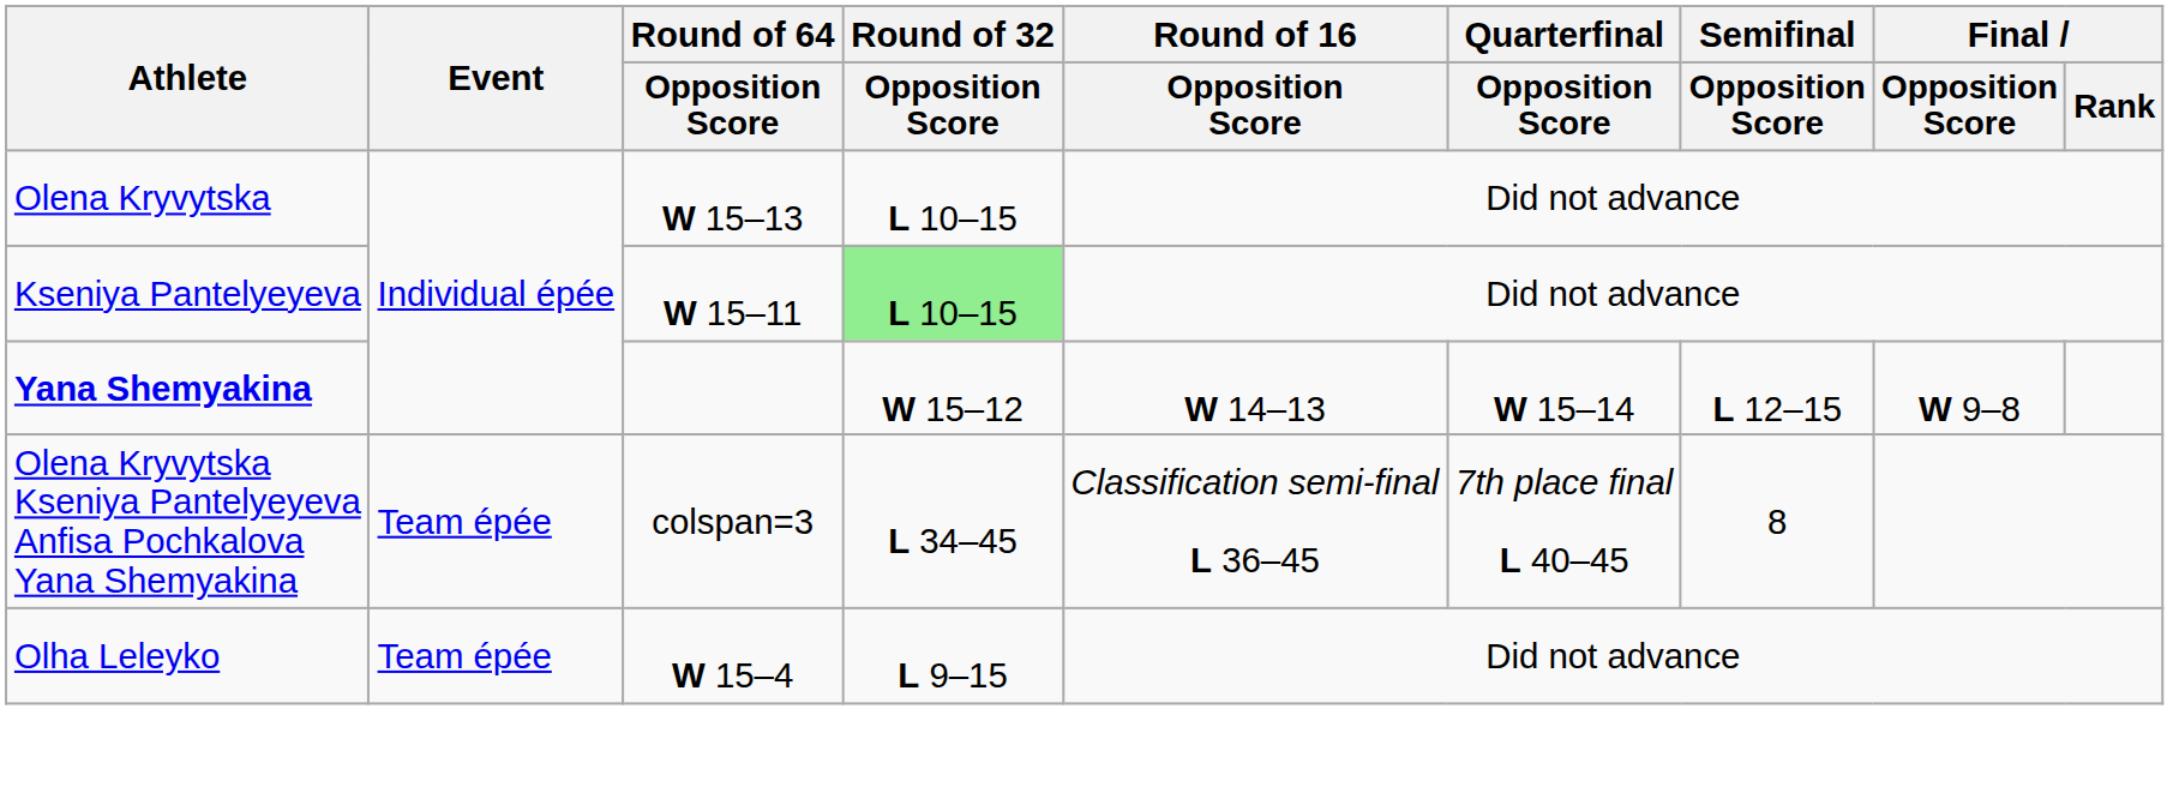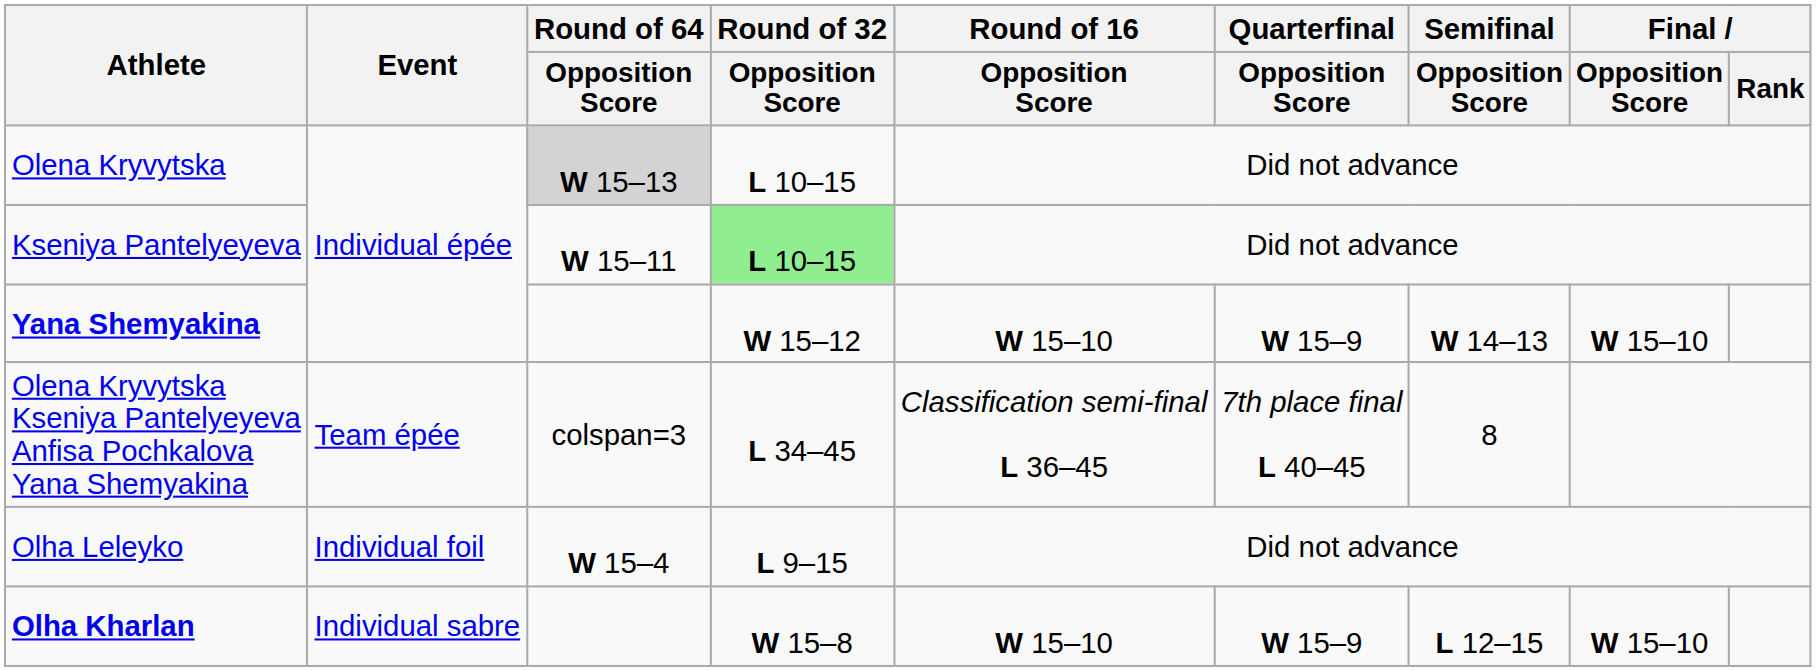 <table class="wikitable" style="font-size:90%">
 <tr>
 <th rowspan="2">Athlete</th>
 <th rowspan="2">Event</th>
 <th>Round of 64</th>
 <th>Round of 32</th>
 <th>Round of 16</th>
 <th>Quarterfinal</th>
 <th>Semifinal</th>
 <th colspan=2>Final / </th>
 </tr>
 <tr style="font-size:95%">
 <th>Opposition <br> Score</th>
 <th>Opposition <br> Score</th>
 <th>Opposition <br> Score</th>
 <th>Opposition <br> Score</th>
 <th>Opposition <br> Score</th>
 <th>Opposition <br> Score</th>
 <th>Rank</th>
 </tr>
 <tr align=center>
 <td align=left><a href='#'>Olena Kryvytska</a></td>
 <td align=left rowspan=3><a href='#'>Individual épée</a></td>
-<td><br><strong>W</strong> 15–13</td>
+<td style="background: lightgrey;"><br><strong>W</strong> 15–13</td>
 <td><br><strong>L</strong> 10–15</td>
 <td colspan=5>Did not advance</td>
 </tr>
 <tr align=center>
 <td align=left><a href='#'>Kseniya Pantelyeyeva</a></td>
 <td><br><strong>W</strong> 15–11</td>
 <td style="background: lightgreen;"><br><strong>L</strong> 10–15</td>
 <td colspan=5>Did not advance</td>
 </tr>
 <tr align=center>
 <td align=left><strong><a href='#'>Yana Shemyakina</a></strong></td>
 <td></td>
 <td><br><strong>W</strong> 15–12</td>
+<td><br><strong>W</strong> 15–10</td>
+<td><br><strong>W</strong> 15–9</td>
 <td><br><strong>W</strong> 14–13</td>
-<td><br><strong>W</strong> 15–14</td>
-<td><br><strong>L</strong> 12–15</td>
-<td><br><strong>W</strong> 9–8</td>
+<td><br><strong>W</strong> 15–10</td>
 <td></td>
 </tr>
 <tr align=center>
 <td align=left><a href='#'>Olena Kryvytska</a><br><a href='#'>Kseniya Pantelyeyeva</a><br><a href='#'>Anfisa Pochkalova</a><br><a href='#'>Yana Shemyakina</a></td>
 <td align=left><a href='#'>Team épée</a></td>
 <td>colspan=3 </td>
 <td><br><strong>L</strong> 34–45</td>
 <td><em>Classification semi-final</em><br><br><strong>L</strong> 36–45</td>
 <td><em>7th place final</em><br><br><strong>L</strong> 40–45</td>
 <td>8</td>
 </tr>
 <tr align=center>
 <td align=left><a href='#'>Olha Leleyko</a></td>
-<td align=left><a href='#'>Team épée</a></td>
+<td align=left><a href='#'>Individual foil</a></td>
 <td><br><strong>W</strong> 15–4</td>
 <td><br><strong>L</strong> 9–15</td>
 <td colspan=5>Did not advance</td>
 </tr>
+<tr align=center>
+<td align=left><strong><a href='#'>Olha Kharlan</a></strong></td>
+<td align=left><a href='#'>Individual sabre</a></td>
+<td></td>
+<td><br><strong>W</strong> 15–8</td>
+<td><br><strong>W</strong> 15–10</td>
+<td><br><strong>W</strong> 15–9</td>
+<td><br><strong>L</strong> 12–15</td>
+<td><br><strong>W</strong> 15–10</td>
+<td></td>
+</tr>
 </table>
